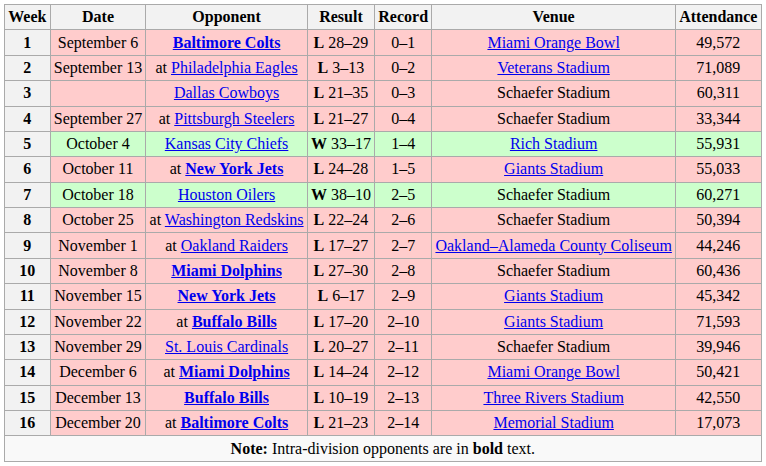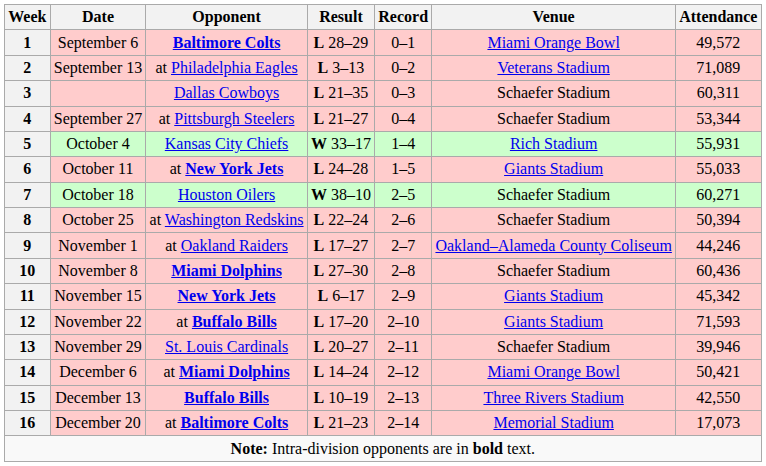 <table class="wikitable" style="text-align:center">
 <tr>
 <th>Week</th>
 <th>Date</th>
 <th>Opponent</th>
 <th>Result</th>
 <th>Record</th>
 <th>Venue</th>
 <th>Attendance</th>
 </tr>
 <tr style="background:#fcc">
 <th>1</th>
 <td>September 6</td>
 <td><strong><a href='#'>Baltimore Colts</a></strong></td>
 <td><strong>L</strong> 28–29</td>
 <td>0–1</td>
 <td><a href='#'>Miami Orange Bowl</a></td>
 <td>49,572</td>
 </tr>
 <tr style="background:#fcc">
 <th>2</th>
 <td>September 13</td>
 <td>at <a href='#'>Philadelphia Eagles</a></td>
 <td><strong>L</strong> 3–13</td>
 <td>0–2</td>
 <td><a href='#'>Veterans Stadium</a></td>
 <td>71,089</td>
 </tr>
 <tr style="background:#fcc">
 <th>3</th>
 <td></td>
 <td><a href='#'>Dallas Cowboys</a></td>
 <td><strong>L</strong> 21–35</td>
 <td>0–3</td>
 <td>Schaefer Stadium</td>
 <td>60,311</td>
 </tr>
 <tr style="background:#fcc">
 <th>4</th>
 <td>September 27</td>
 <td>at <a href='#'>Pittsburgh Steelers</a></td>
 <td><strong>L</strong> 21–27 </td>
 <td>0–4</td>
 <td>Schaefer Stadium</td>
-<td>33,344</td>
+<td>53,344</td>
 </tr>
 <tr style="background:#cfc">
 <th>5</th>
 <td>October 4</td>
 <td><a href='#'>Kansas City Chiefs</a></td>
 <td><strong>W</strong> 33–17</td>
 <td>1–4</td>
 <td><a href='#'>Rich Stadium</a></td>
 <td>55,931</td>
 </tr>
 <tr style="background:#fcc">
 <th>6</th>
 <td>October 11</td>
 <td>at <strong><a href='#'>New York Jets</a></strong></td>
 <td><strong>L</strong> 24–28</td>
 <td>1–5</td>
 <td><a href='#'>Giants Stadium</a></td>
 <td>55,033</td>
 </tr>
 <tr style="background:#cfc">
 <th>7</th>
 <td>October 18</td>
 <td><a href='#'>Houston Oilers</a></td>
 <td><strong>W</strong> 38–10</td>
 <td>2–5</td>
 <td>Schaefer Stadium</td>
 <td>60,271</td>
 </tr>
 <tr style="background:#fcc">
 <th>8</th>
 <td>October 25</td>
 <td>at <a href='#'>Washington Redskins</a></td>
 <td><strong>L</strong> 22–24</td>
 <td>2–6</td>
 <td>Schaefer Stadium</td>
 <td>50,394</td>
 </tr>
 <tr style="background:#fcc">
 <th>9</th>
 <td>November 1</td>
 <td>at <a href='#'>Oakland Raiders</a></td>
 <td><strong>L</strong> 17–27</td>
 <td>2–7</td>
 <td><a href='#'>Oakland–Alameda County Coliseum</a></td>
 <td>44,246</td>
 </tr>
 <tr style="background:#fcc">
 <th>10</th>
 <td>November 8</td>
 <td><strong><a href='#'>Miami Dolphins</a></strong></td>
 <td><strong>L</strong> 27–30 </td>
 <td>2–8</td>
 <td>Schaefer Stadium</td>
 <td>60,436</td>
 </tr>
 <tr style="background:#fcc">
 <th>11</th>
 <td>November 15</td>
 <td><strong><a href='#'>New York Jets</a></strong></td>
 <td><strong>L</strong> 6–17</td>
 <td>2–9</td>
 <td><a href='#'>Giants Stadium</a></td>
 <td>45,342</td>
 </tr>
 <tr style="background:#fcc">
 <th>12</th>
 <td>November 22</td>
 <td>at <strong><a href='#'>Buffalo Bills</a></strong></td>
 <td><strong>L</strong> 17–20</td>
 <td>2–10</td>
 <td><a href='#'>Giants Stadium</a></td>
 <td>71,593</td>
 </tr>
 <tr style="background:#fcc">
 <th>13</th>
 <td>November 29</td>
 <td><a href='#'>St. Louis Cardinals</a></td>
 <td><strong>L</strong> 20–27</td>
 <td>2–11</td>
 <td>Schaefer Stadium</td>
 <td>39,946</td>
 </tr>
 <tr style="background:#fcc">
 <th>14</th>
 <td>December 6</td>
 <td>at <strong><a href='#'>Miami Dolphins</a></strong></td>
 <td><strong>L</strong> 14–24</td>
 <td>2–12</td>
 <td><a href='#'>Miami Orange Bowl</a></td>
 <td>50,421</td>
 </tr>
 <tr style="background:#fcc">
 <th>15</th>
 <td>December 13</td>
 <td><strong><a href='#'>Buffalo Bills</a></strong></td>
 <td><strong>L</strong> 10–19</td>
 <td>2–13</td>
 <td><a href='#'>Three Rivers Stadium</a></td>
 <td>42,550</td>
 </tr>
 <tr style="background:#fcc">
 <th>16</th>
 <td>December 20</td>
 <td>at <strong><a href='#'>Baltimore Colts</a></strong></td>
 <td><strong>L</strong> 21–23</td>
 <td>2–14</td>
 <td><a href='#'>Memorial Stadium</a></td>
 <td>17,073</td>
 </tr>
 <tr>
 <td colspan="8"><strong>Note:</strong> Intra-division opponents are in <strong>bold</strong> text.</td>
 </tr>
 </table>
